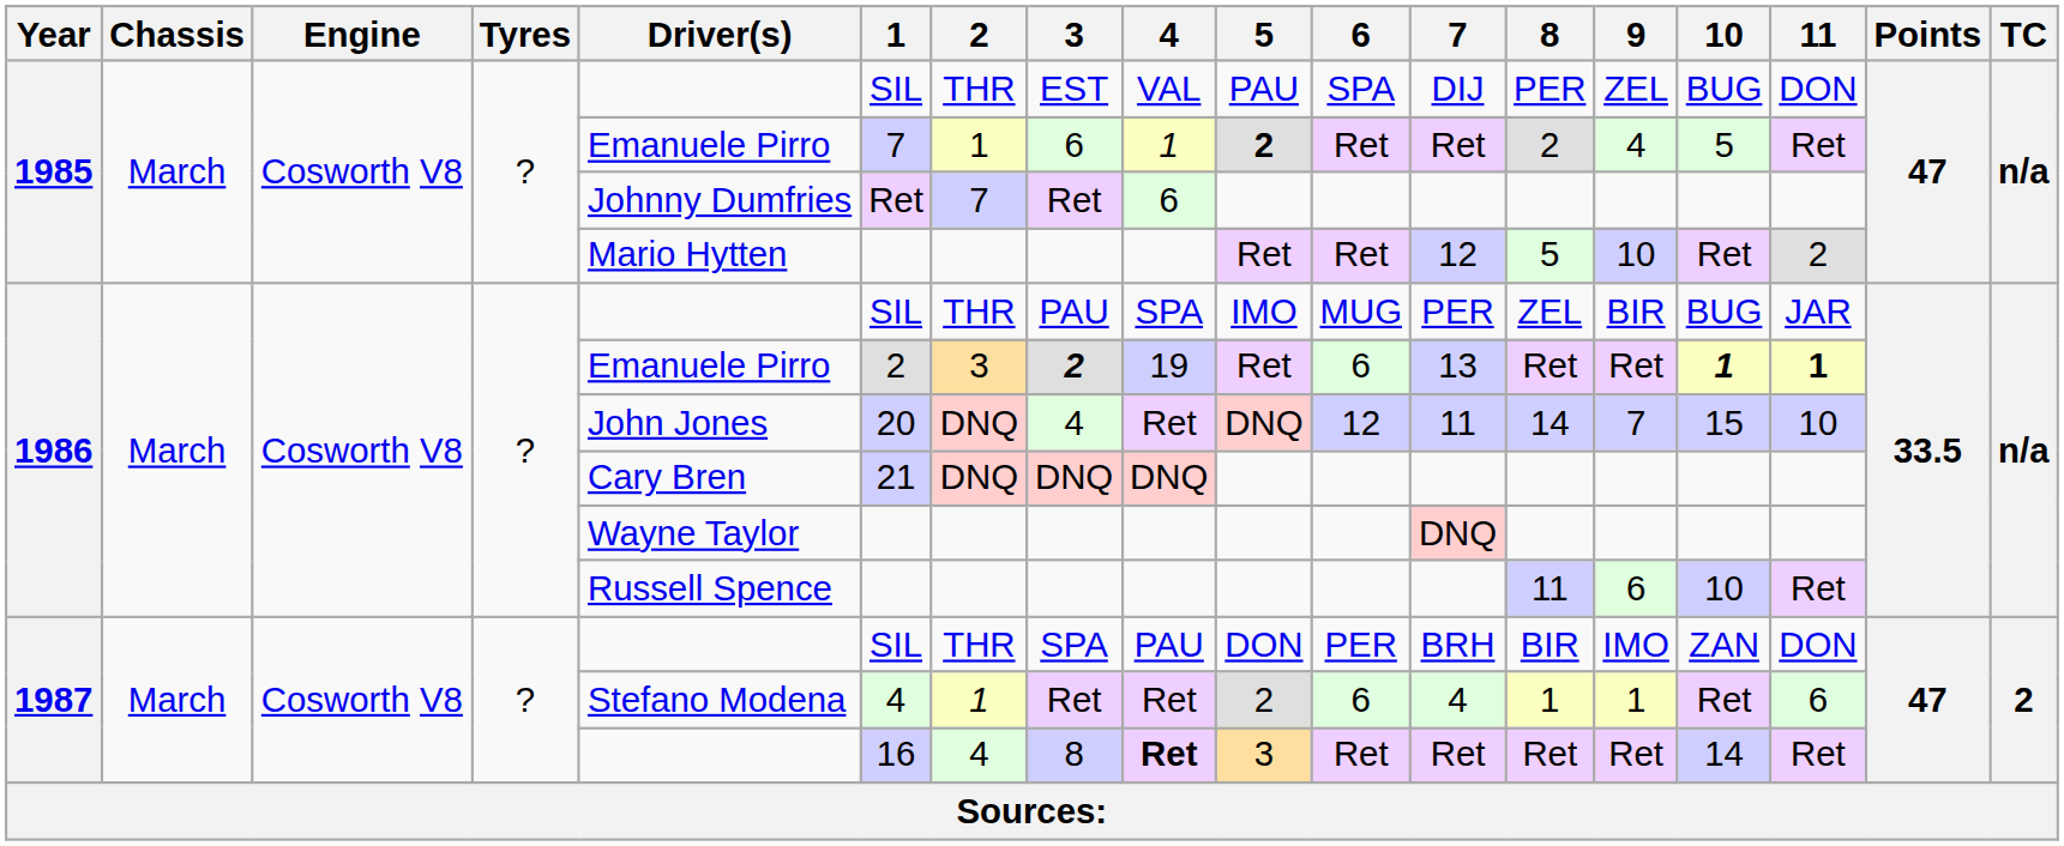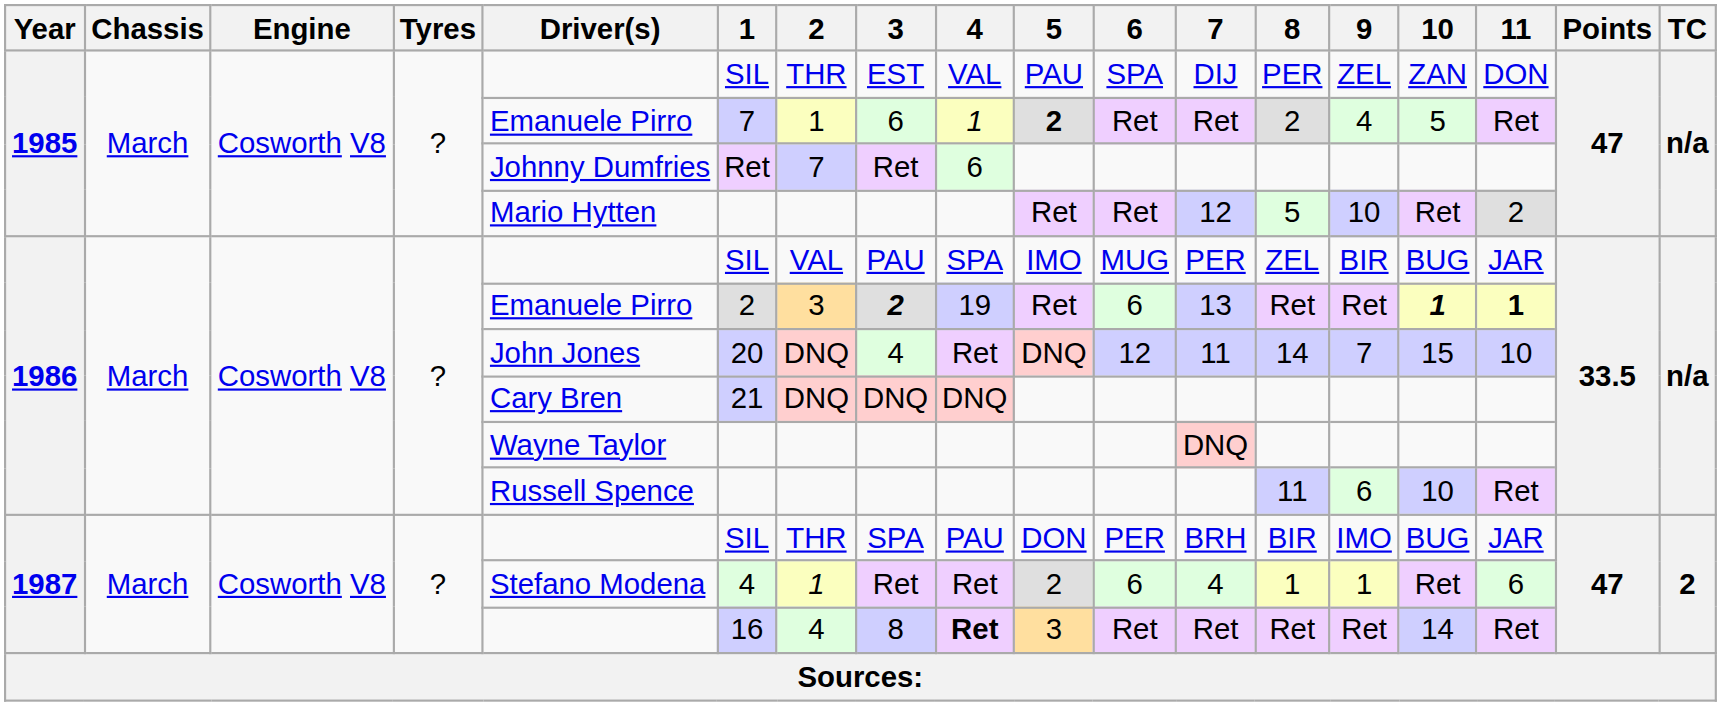 <table class="wikitable" style="text-align:center; font-size:85%">
 <tr>
 <th>Year</th>
 <th>Chassis</th>
 <th>Engine</th>
 <th>Tyres</th>
 <th>Driver(s)</th>
 <th>1</th>
 <th>2</th>
 <th>3</th>
 <th>4</th>
 <th>5</th>
 <th>6</th>
 <th>7</th>
 <th>8</th>
 <th>9</th>
 <th>10</th>
 <th>11</th>
 <th>Points</th>
 <th>TC</th>
 </tr>
 <tr>
 <th rowspan="4"><a href='#'>1985</a></th>
 <td rowspan="4"><a href='#'>March</a></td>
 <td rowspan="4"><a href='#'>Cosworth</a> <a href='#'>V8</a></td>
 <td rowspan="4">?</td>
 <td></td>
 <td><a href='#'>SIL</a></td>
 <td><a href='#'>THR</a></td>
 <td><a href='#'>EST</a></td>
 <td><a href='#'>VAL</a></td>
 <td><a href='#'>PAU</a></td>
 <td><a href='#'>SPA</a></td>
 <td><a href='#'>DIJ</a></td>
 <td><a href='#'>PER</a></td>
 <td><a href='#'>ZEL</a></td>
-<td><a href='#'>BUG</a></td>
+<td><a href='#'>ZAN</a></td>
 <td><a href='#'>DON</a></td>
 <th rowspan="4">47</th>
 <th rowspan="4">n/a</th>
 </tr>
 <tr>
 <td align="left"> <a href='#'>Emanuele Pirro</a></td>
 <td style="background:#CFCFFF;">7</td>
 <td style="background:#FBFFBF;">1</td>
 <td style="background:#DFFFDF;">6</td>
 <td style="background:#FBFFBF;"><em>1</em></td>
 <td style="background:#DFDFDF;"><strong>2</strong></td>
 <td style="background:#EFCFFF;">Ret</td>
 <td style="background:#EFCFFF;">Ret</td>
 <td style="background:#DFDFDF;">2</td>
 <td style="background:#DFFFDF;">4</td>
 <td style="background:#DFFFDF;">5</td>
 <td style="background:#EFCFFF;">Ret</td>
 </tr>
 <tr>
 <td align="left"> <a href='#'>Johnny Dumfries</a></td>
 <td style="background:#EFCFFF;">Ret</td>
 <td style="background:#CFCFFF;">7</td>
 <td style="background:#EFCFFF;">Ret</td>
 <td style="background:#DFFFDF;">6</td>
 <td></td>
 <td></td>
 <td></td>
 <td></td>
 <td></td>
 <td></td>
 <td></td>
 </tr>
 <tr>
 <td align="left"> <a href='#'>Mario Hytten</a></td>
 <td></td>
 <td></td>
 <td></td>
 <td></td>
 <td style="background:#EFCFFF;">Ret</td>
 <td style="background:#EFCFFF;">Ret</td>
 <td style="background:#CFCFFF;">12</td>
 <td style="background:#DFFFDF;">5</td>
 <td style="background:#CFCFFF;">10</td>
 <td style="background:#EFCFFF;">Ret</td>
 <td style="background:#DFDFDF;">2</td>
 </tr>
 <tr>
 <th rowspan="6"><a href='#'>1986</a></th>
 <td rowspan="6"><a href='#'>March</a></td>
 <td rowspan="6"><a href='#'>Cosworth</a> <a href='#'>V8</a></td>
 <td rowspan="6">?</td>
 <td></td>
 <td><a href='#'>SIL</a></td>
-<td><a href='#'>THR</a></td>
+<td><a href='#'>VAL</a></td>
 <td><a href='#'>PAU</a></td>
 <td><a href='#'>SPA</a></td>
 <td><a href='#'>IMO</a></td>
 <td><a href='#'>MUG</a></td>
 <td><a href='#'>PER</a></td>
 <td><a href='#'>ZEL</a></td>
 <td><a href='#'>BIR</a></td>
 <td><a href='#'>BUG</a></td>
 <td><a href='#'>JAR</a></td>
 <th rowspan="6">33.5</th>
 <th rowspan="6">n/a</th>
 </tr>
 <tr>
 <td align="left"> <a href='#'>Emanuele Pirro</a></td>
 <td style="background:#DFDFDF;">2</td>
 <td style="background:#FFDF9F;">3</td>
 <td style="background:#DFDFDF;"><strong><em>2</em></strong></td>
 <td style="background:#CFCFFF;">19</td>
 <td style="background:#EFCFFF;">Ret</td>
 <td style="background:#DFFFDF;">6</td>
 <td style="background:#CFCFFF;">13</td>
 <td style="background:#EFCFFF;">Ret</td>
 <td style="background:#EFCFFF;">Ret</td>
 <td style="background:#FBFFBF;"><strong><em>1</em></strong></td>
 <td style="background:#FBFFBF;"><strong>1</strong></td>
 </tr>
 <tr>
 <td align="left"> <a href='#'>John Jones</a></td>
 <td style="background:#CFCFFF;">20</td>
 <td style="background:#FFCFCF;">DNQ</td>
 <td style="background:#DFFFDF;">4</td>
 <td style="background:#EFCFFF;">Ret</td>
 <td style="background:#FFCFCF;">DNQ</td>
 <td style="background:#CFCFFF;">12</td>
 <td style="background:#CFCFFF;">11</td>
 <td style="background:#CFCFFF;">14</td>
 <td style="background:#CFCFFF;">7</td>
 <td style="background:#CFCFFF;">15</td>
 <td style="background:#CFCFFF;">10</td>
 </tr>
 <tr>
 <td align="left"> <a href='#'>Cary Bren</a></td>
 <td style="background:#CFCFFF;">21</td>
 <td style="background:#FFCFCF;">DNQ</td>
 <td style="background:#FFCFCF;">DNQ</td>
 <td style="background:#FFCFCF;">DNQ</td>
 <td></td>
 <td></td>
 <td></td>
 <td></td>
 <td></td>
 <td></td>
 <td></td>
 </tr>
 <tr>
 <td align="left"> <a href='#'>Wayne Taylor</a></td>
 <td></td>
 <td></td>
 <td></td>
 <td></td>
 <td></td>
 <td></td>
 <td style="background:#FFCFCF;">DNQ</td>
 <td></td>
 <td></td>
 <td></td>
 <td></td>
 </tr>
 <tr>
 <td align="left"> <a href='#'>Russell Spence</a></td>
 <td></td>
 <td></td>
 <td></td>
 <td></td>
 <td></td>
 <td></td>
 <td></td>
 <td style="background:#CFCFFF;">11</td>
 <td style="background:#DFFFDF;">6</td>
 <td style="background:#CFCFFF;">10</td>
 <td style="background:#EFCFFF;">Ret</td>
 </tr>
 <tr>
 <th rowspan="3"><a href='#'>1987</a></th>
 <td rowspan="3"><a href='#'>March</a></td>
 <td rowspan="3"><a href='#'>Cosworth</a> <a href='#'>V8</a></td>
 <td rowspan="3">?</td>
 <td></td>
 <td><a href='#'>SIL</a></td>
 <td><a href='#'>THR</a></td>
 <td><a href='#'>SPA</a></td>
 <td><a href='#'>PAU</a></td>
 <td><a href='#'>DON</a></td>
 <td><a href='#'>PER</a></td>
 <td><a href='#'>BRH</a></td>
 <td><a href='#'>BIR</a></td>
 <td><a href='#'>IMO</a></td>
-<td><a href='#'>ZAN</a></td>
-<td><a href='#'>DON</a></td>
+<td><a href='#'>BUG</a></td>
+<td><a href='#'>JAR</a></td>
 <th rowspan="3">47</th>
 <th rowspan="3">2</th>
 </tr>
 <tr>
 <td align="left"> <a href='#'>Stefano Modena</a></td>
 <td style="background:#DFFFDF;">4</td>
 <td style="background:#FBFFBF;"><em>1</em></td>
 <td style="background:#EFCFFF;">Ret</td>
 <td style="background:#EFCFFF;">Ret</td>
 <td style="background:#DFDFDF;">2</td>
 <td style="background:#DFFFDF;">6</td>
 <td style="background:#DFFFDF;">4</td>
 <td style="background:#FBFFBF;">1</td>
 <td style="background:#FBFFBF;">1</td>
 <td style="background:#EFCFFF;">Ret</td>
 <td style="background:#DFFFDF;">6</td>
 </tr>
 <tr>
 <td align="left"></td>
 <td style="background:#CFCFFF;">16</td>
 <td style="background:#DFFFDF;">4</td>
 <td style="background:#CFCFFF;">8</td>
 <td style="background:#EFCFFF;"><strong>Ret</strong></td>
 <td style="background:#FFDF9F;">3</td>
 <td style="background:#EFCFFF;">Ret</td>
 <td style="background:#EFCFFF;">Ret</td>
 <td style="background:#EFCFFF;">Ret</td>
 <td style="background:#EFCFFF;">Ret</td>
 <td style="background:#CFCFFF;">14</td>
 <td style="background:#EFCFFF;">Ret</td>
 </tr>
 <tr>
 <th colspan="18">Sources:</th>
 </tr>
 </table>
